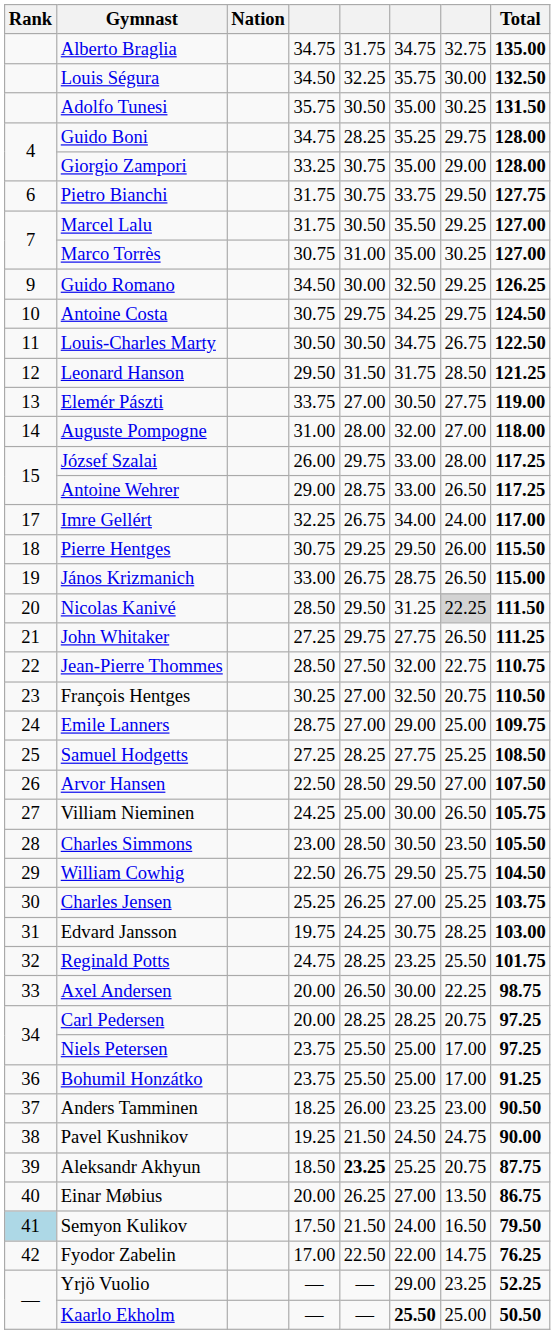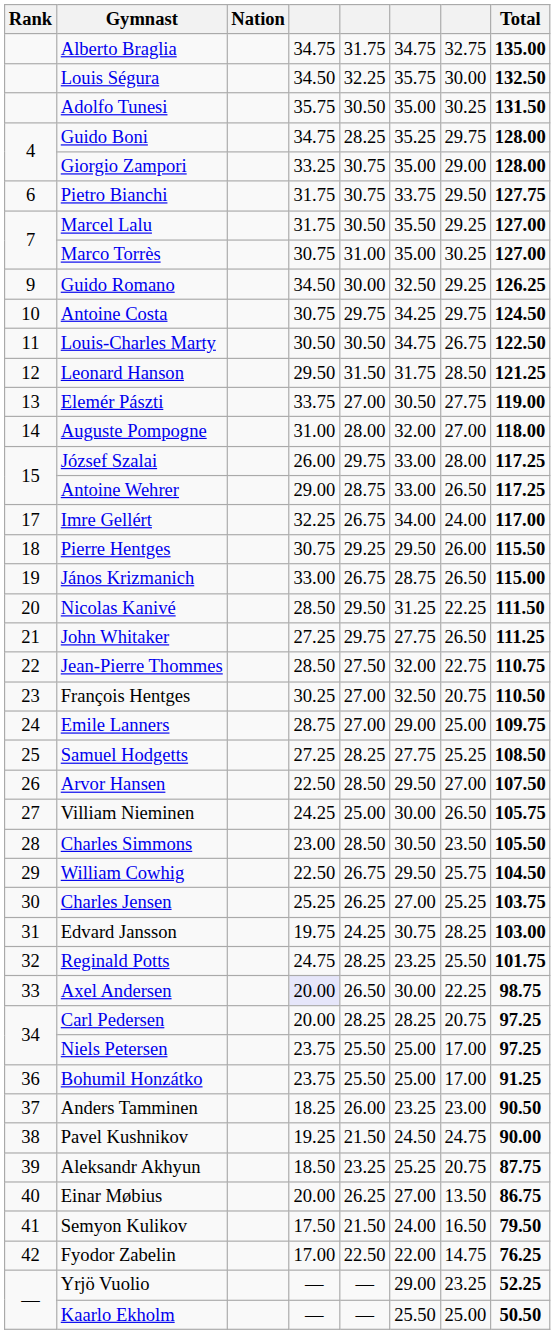 <table class="wikitable sortable" style="text-align:center">
 <tr>
 <th>Rank</th>
 <th>Gymnast</th>
 <th>Nation</th>
 <th></th>
 <th></th>
 <th></th>
 <th></th>
 <th>Total</th>
 </tr>
 <tr>
 <td></td>
 <td align=left><a href='#'>Alberto Braglia</a></td>
 <td align=left></td>
 <td>34.75</td>
 <td>31.75</td>
 <td>34.75</td>
 <td>32.75</td>
 <td><strong>135.00</strong></td>
 </tr>
 <tr>
 <td></td>
 <td align=left><a href='#'>Louis Ségura</a></td>
 <td align=left></td>
 <td>34.50</td>
 <td>32.25</td>
 <td>35.75</td>
 <td>30.00</td>
 <td><strong>132.50</strong></td>
 </tr>
 <tr>
 <td></td>
 <td align=left><a href='#'>Adolfo Tunesi</a></td>
 <td align=left></td>
 <td>35.75</td>
 <td>30.50</td>
 <td>35.00</td>
 <td>30.25</td>
 <td><strong>131.50</strong></td>
 </tr>
 <tr>
 <td rowspan=2>4</td>
 <td align=left><a href='#'>Guido Boni</a></td>
 <td align=left></td>
 <td>34.75</td>
 <td>28.25</td>
 <td>35.25</td>
 <td>29.75</td>
 <td><strong>128.00</strong></td>
 </tr>
 <tr>
 <td align=left><a href='#'>Giorgio Zampori</a></td>
 <td align=left></td>
 <td>33.25</td>
 <td>30.75</td>
 <td>35.00</td>
 <td>29.00</td>
 <td><strong>128.00</strong></td>
 </tr>
 <tr>
 <td>6</td>
 <td align=left><a href='#'>Pietro Bianchi</a></td>
 <td align=left></td>
 <td>31.75</td>
 <td>30.75</td>
 <td>33.75</td>
 <td>29.50</td>
 <td><strong>127.75</strong></td>
 </tr>
 <tr>
 <td rowspan=2>7</td>
 <td align=left><a href='#'>Marcel Lalu</a></td>
 <td align=left></td>
 <td>31.75</td>
 <td>30.50</td>
 <td>35.50</td>
 <td>29.25</td>
 <td><strong>127.00</strong></td>
 </tr>
 <tr>
 <td align=left><a href='#'>Marco Torrès</a></td>
 <td align=left></td>
 <td>30.75</td>
 <td>31.00</td>
 <td>35.00</td>
 <td>30.25</td>
 <td><strong>127.00</strong></td>
 </tr>
 <tr>
 <td>9</td>
 <td align=left><a href='#'>Guido Romano</a></td>
 <td align=left></td>
 <td>34.50</td>
 <td>30.00</td>
 <td>32.50</td>
 <td>29.25</td>
 <td><strong>126.25</strong></td>
 </tr>
 <tr>
 <td>10</td>
 <td align=left><a href='#'>Antoine Costa</a></td>
 <td align=left></td>
 <td>30.75</td>
 <td>29.75</td>
 <td>34.25</td>
 <td>29.75</td>
 <td><strong>124.50</strong></td>
 </tr>
 <tr>
 <td>11</td>
 <td align=left><a href='#'>Louis-Charles Marty</a></td>
 <td align=left></td>
 <td>30.50</td>
 <td>30.50</td>
 <td>34.75</td>
 <td>26.75</td>
 <td><strong>122.50</strong></td>
 </tr>
 <tr>
 <td>12</td>
 <td align=left><a href='#'>Leonard Hanson</a></td>
 <td align=left></td>
 <td>29.50</td>
 <td>31.50</td>
 <td>31.75</td>
 <td>28.50</td>
 <td><strong>121.25</strong></td>
 </tr>
 <tr>
 <td>13</td>
 <td align=left><a href='#'>Elemér Pászti</a></td>
 <td align=left></td>
 <td>33.75</td>
 <td>27.00</td>
 <td>30.50</td>
 <td>27.75</td>
 <td><strong>119.00</strong></td>
 </tr>
 <tr>
 <td>14</td>
 <td align=left><a href='#'>Auguste Pompogne</a></td>
 <td align=left></td>
 <td>31.00</td>
 <td>28.00</td>
 <td>32.00</td>
 <td>27.00</td>
 <td><strong>118.00</strong></td>
 </tr>
 <tr>
 <td rowspan=2>15</td>
 <td align=left><a href='#'>József Szalai</a></td>
 <td align=left></td>
 <td>26.00</td>
 <td>29.75</td>
 <td>33.00</td>
 <td>28.00</td>
 <td><strong>117.25</strong></td>
 </tr>
 <tr>
 <td align=left><a href='#'>Antoine Wehrer</a></td>
 <td align=left></td>
 <td>29.00</td>
 <td>28.75</td>
 <td>33.00</td>
 <td>26.50</td>
 <td><strong>117.25</strong></td>
 </tr>
 <tr>
 <td>17</td>
 <td align=left><a href='#'>Imre Gellért</a></td>
 <td align=left></td>
 <td>32.25</td>
 <td>26.75</td>
 <td>34.00</td>
 <td>24.00</td>
 <td><strong>117.00</strong></td>
 </tr>
 <tr>
 <td>18</td>
 <td align=left><a href='#'>Pierre Hentges</a></td>
 <td align=left></td>
 <td>30.75</td>
 <td>29.25</td>
 <td>29.50</td>
 <td>26.00</td>
 <td><strong>115.50</strong></td>
 </tr>
 <tr>
 <td>19</td>
 <td align=left><a href='#'>János Krizmanich</a></td>
 <td align=left></td>
 <td>33.00</td>
 <td>26.75</td>
 <td>28.75</td>
 <td>26.50</td>
 <td><strong>115.00</strong></td>
 </tr>
 <tr>
 <td>20</td>
 <td align=left><a href='#'>Nicolas Kanivé</a></td>
 <td align=left></td>
 <td>28.50</td>
 <td>29.50</td>
 <td>31.25</td>
-<td style="background: lightgrey;">22.25</td>
+<td>22.25</td>
 <td><strong>111.50</strong></td>
 </tr>
 <tr>
 <td>21</td>
 <td align=left><a href='#'>John Whitaker</a></td>
 <td align=left></td>
 <td>27.25</td>
 <td>29.75</td>
 <td>27.75</td>
 <td>26.50</td>
 <td><strong>111.25</strong></td>
 </tr>
 <tr>
 <td>22</td>
 <td align=left><a href='#'>Jean-Pierre Thommes</a></td>
 <td align=left></td>
 <td>28.50</td>
 <td>27.50</td>
 <td>32.00</td>
 <td>22.75</td>
 <td><strong>110.75</strong></td>
 </tr>
 <tr>
 <td>23</td>
 <td align=left>François Hentges</td>
 <td align=left></td>
 <td>30.25</td>
 <td>27.00</td>
 <td>32.50</td>
 <td>20.75</td>
 <td><strong>110.50</strong></td>
 </tr>
 <tr>
 <td>24</td>
 <td align=left><a href='#'>Emile Lanners</a></td>
 <td align=left></td>
 <td>28.75</td>
 <td>27.00</td>
 <td>29.00</td>
 <td>25.00</td>
 <td><strong>109.75</strong></td>
 </tr>
 <tr>
 <td>25</td>
 <td align=left><a href='#'>Samuel Hodgetts</a></td>
 <td align=left></td>
 <td>27.25</td>
 <td>28.25</td>
 <td>27.75</td>
 <td>25.25</td>
 <td><strong>108.50</strong></td>
 </tr>
 <tr>
 <td>26</td>
 <td align=left><a href='#'>Arvor Hansen</a></td>
 <td align=left></td>
 <td>22.50</td>
 <td>28.50</td>
 <td>29.50</td>
 <td>27.00</td>
 <td><strong>107.50</strong></td>
 </tr>
 <tr>
 <td>27</td>
 <td align=left>Villiam Nieminen</td>
 <td align=left></td>
 <td>24.25</td>
 <td>25.00</td>
 <td>30.00</td>
 <td>26.50</td>
 <td><strong>105.75</strong></td>
 </tr>
 <tr>
 <td>28</td>
 <td align=left><a href='#'>Charles Simmons</a></td>
 <td align=left></td>
 <td>23.00</td>
 <td>28.50</td>
 <td>30.50</td>
 <td>23.50</td>
 <td><strong>105.50</strong></td>
 </tr>
 <tr>
 <td>29</td>
 <td align=left><a href='#'>William Cowhig</a></td>
 <td align=left></td>
 <td>22.50</td>
 <td>26.75</td>
 <td>29.50</td>
 <td>25.75</td>
 <td><strong>104.50</strong></td>
 </tr>
 <tr>
 <td>30</td>
 <td align=left><a href='#'>Charles Jensen</a></td>
 <td align=left></td>
 <td>25.25</td>
 <td>26.25</td>
 <td>27.00</td>
 <td>25.25</td>
 <td><strong>103.75</strong></td>
 </tr>
 <tr>
 <td>31</td>
 <td align=left>Edvard Jansson</td>
 <td align=left></td>
 <td>19.75</td>
 <td>24.25</td>
 <td>30.75</td>
 <td>28.25</td>
 <td><strong>103.00</strong></td>
 </tr>
 <tr>
 <td>32</td>
 <td align=left><a href='#'>Reginald Potts</a></td>
 <td align=left></td>
 <td>24.75</td>
 <td>28.25</td>
 <td>23.25</td>
 <td>25.50</td>
 <td><strong>101.75</strong></td>
 </tr>
 <tr>
 <td>33</td>
 <td align=left><a href='#'>Axel Andersen</a></td>
 <td align=left></td>
-<td>20.00</td>
+<td style="background: lavender;">20.00</td>
 <td>26.50</td>
 <td>30.00</td>
 <td>22.25</td>
 <td><strong>98.75</strong></td>
 </tr>
 <tr>
 <td rowspan=2>34</td>
 <td align=left><a href='#'>Carl Pedersen</a></td>
 <td align=left></td>
 <td>20.00</td>
 <td>28.25</td>
 <td>28.25</td>
 <td>20.75</td>
 <td><strong>97.25</strong></td>
 </tr>
 <tr>
 <td align=left><a href='#'>Niels Petersen</a></td>
 <td align=left></td>
 <td>23.75</td>
 <td>25.50</td>
 <td>25.00</td>
 <td>17.00</td>
 <td><strong>97.25</strong></td>
 </tr>
 <tr>
 <td>36</td>
 <td align=left><a href='#'>Bohumil Honzátko</a></td>
 <td align=left></td>
 <td>23.75</td>
 <td>25.50</td>
 <td>25.00</td>
 <td>17.00</td>
 <td><strong>91.25</strong></td>
 </tr>
 <tr>
 <td>37</td>
 <td align=left>Anders Tamminen</td>
 <td align=left></td>
 <td>18.25</td>
 <td>26.00</td>
 <td>23.25</td>
 <td>23.00</td>
 <td><strong>90.50</strong></td>
 </tr>
 <tr>
 <td>38</td>
 <td align=left>Pavel Kushnikov</td>
 <td align=left></td>
 <td>19.25</td>
 <td>21.50</td>
 <td>24.50</td>
 <td>24.75</td>
 <td><strong>90.00</strong></td>
 </tr>
 <tr>
 <td>39</td>
 <td align=left>Aleksandr Akhyun</td>
 <td align=left></td>
 <td>18.50</td>
-<td><strong>23.25</strong></td>
+<td>23.25</td>
 <td>25.25</td>
 <td>20.75</td>
 <td><strong>87.75</strong></td>
 </tr>
 <tr>
 <td>40</td>
 <td align=left>Einar Møbius</td>
 <td align=left></td>
 <td>20.00</td>
 <td>26.25</td>
 <td>27.00</td>
 <td>13.50</td>
 <td><strong>86.75</strong></td>
 </tr>
 <tr>
-<td style="background: lightblue;">41</td>
+<td>41</td>
 <td align=left>Semyon Kulikov</td>
 <td align=left></td>
 <td>17.50</td>
 <td>21.50</td>
 <td>24.00</td>
 <td>16.50</td>
 <td><strong>79.50</strong></td>
 </tr>
 <tr>
 <td>42</td>
 <td align=left>Fyodor Zabelin</td>
 <td align=left></td>
 <td>17.00</td>
 <td>22.50</td>
 <td>22.00</td>
 <td>14.75</td>
 <td><strong>76.25</strong></td>
 </tr>
 <tr>
 <td rowspan=2>—</td>
 <td align=left>Yrjö Vuolio</td>
 <td align=left></td>
 <td data-sort-value=0>—</td>
 <td data-sort-value=0>—</td>
 <td>29.00</td>
 <td>23.25</td>
 <td><strong>52.25</strong></td>
 </tr>
 <tr>
 <td align=left><a href='#'>Kaarlo Ekholm</a></td>
 <td align=left></td>
 <td data-sort-value=0>—</td>
 <td data-sort-value=0>—</td>
-<td><strong>25.50</strong></td>
+<td>25.50</td>
 <td>25.00</td>
 <td><strong>50.50</strong></td>
 </tr>
 </table>
